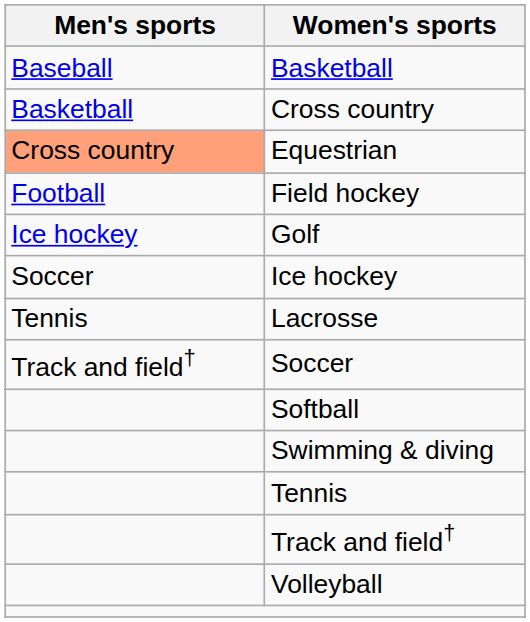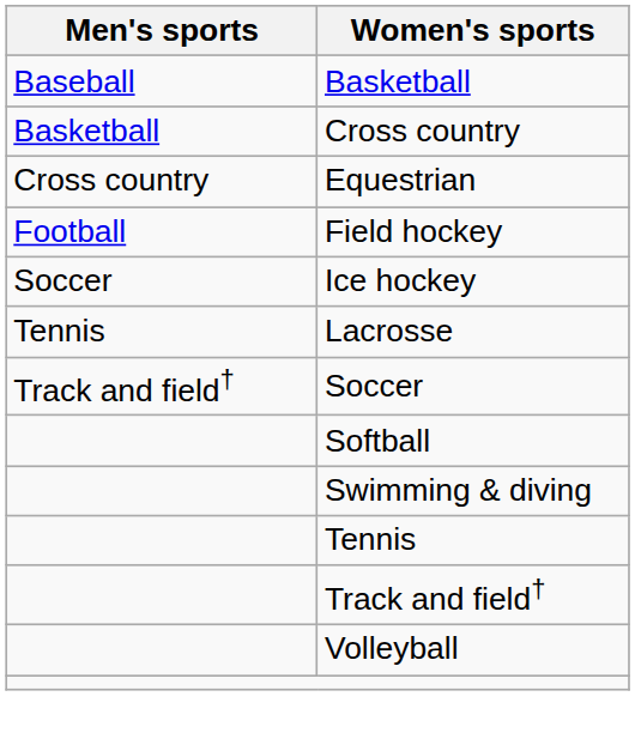 <table class="wikitable" style="float:center; clear:left; margin:0 0 1em 1em;">
 <tr>
 <th width=150px>Men's sports</th>
 <th width=150px>Women's sports</th>
 </tr>
 <tr>
 <td><a href='#'>Baseball</a></td>
 <td><a href='#'>Basketball</a></td>
 </tr>
 <tr>
 <td><a href='#'>Basketball</a></td>
 <td>Cross country</td>
 </tr>
 <tr>
-<td style="background: lightsalmon;">Cross country</td>
+<td>Cross country</td>
 <td>Equestrian</td>
 </tr>
 <tr>
 <td><a href='#'>Football</a></td>
 <td>Field hockey</td>
-</tr>
-<tr>
-<td><a href='#'>Ice hockey</a></td>
-<td>Golf</td>
 </tr>
 <tr>
 <td>Soccer</td>
 <td>Ice hockey</td>
 </tr>
 <tr>
 <td>Tennis</td>
 <td>Lacrosse</td>
 </tr>
 <tr>
 <td>Track and field<sup>†</sup></td>
 <td>Soccer</td>
 </tr>
 <tr>
 <td></td>
 <td>Softball</td>
 </tr>
 <tr>
 <td></td>
 <td>Swimming & diving</td>
 </tr>
 <tr>
 <td></td>
 <td>Tennis</td>
 </tr>
 <tr>
 <td></td>
 <td>Track and field<sup>†</sup></td>
 </tr>
 <tr>
 <td></td>
 <td>Volleyball</td>
 </tr>
 <tr>
 <td colspan="2"></td>
 </tr>
 </table>
